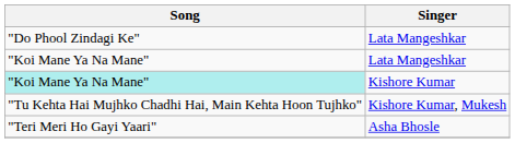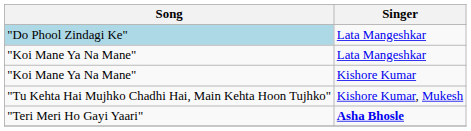 <table class="wikitable">
 <tr>
 <th>Song</th>
 <th>Singer</th>
 </tr>
 <tr>
-<td>"Do Phool Zindagi Ke"</td>
+<td style="background: lightblue;">"Do Phool Zindagi Ke"</td>
 <td><a href='#'>Lata Mangeshkar</a></td>
 </tr>
 <tr>
 <td>"Koi Mane Ya Na Mane"</td>
 <td><a href='#'>Lata Mangeshkar</a></td>
 </tr>
 <tr>
-<td style="background: paleturquoise;">"Koi Mane Ya Na Mane"</td>
+<td>"Koi Mane Ya Na Mane"</td>
 <td><a href='#'>Kishore Kumar</a></td>
 </tr>
 <tr>
 <td>"Tu Kehta Hai Mujhko Chadhi Hai, Main Kehta Hoon Tujhko"</td>
 <td><a href='#'>Kishore Kumar</a>, <a href='#'>Mukesh</a></td>
 </tr>
 <tr>
 <td>"Teri Meri Ho Gayi Yaari"</td>
-<td><a href='#'>Asha Bhosle</a></td>
+<td><strong><a href='#'>Asha Bhosle</a></strong></td>
 </tr>
 <tr>
 </tr>
 </table>
